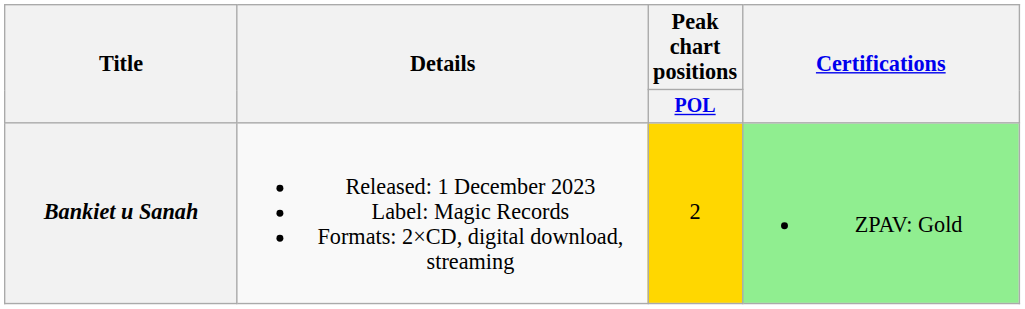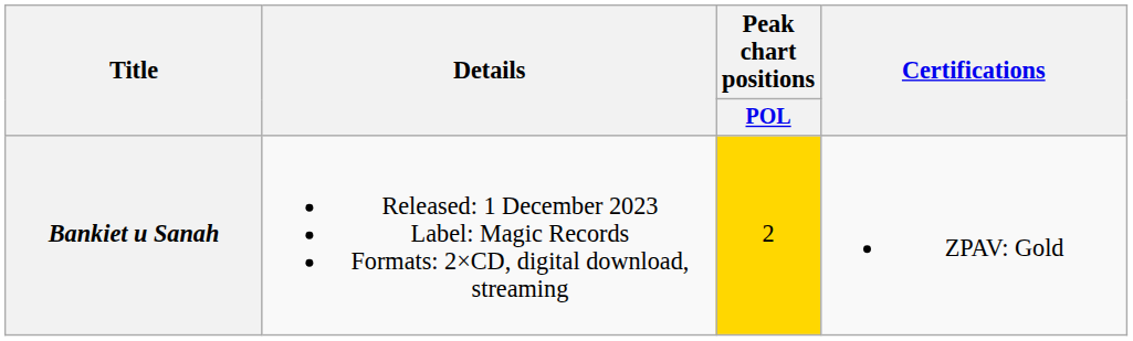 <table class="wikitable plainrowheaders" style="text-align:center;">
 <tr>
 <th scope="col" rowspan="2" style="width:10em;">Title</th>
 <th scope="col" rowspan="2" style="width:18em;">Details</th>
 <th>Peak chart positions</th>
 <th scope="col" rowspan="2" style="width:12em;"><a href='#'>Certifications</a></th>
 </tr>
 <tr>
 <th scope="col" style="width:3em;font-size:90%;"><a href='#'>POL</a><br></th>
 </tr>
 <tr>
 <th scope="row"><em>Bankiet u Sanah</em></th>
 <td><br><ul><li>Released: 1 December 2023</li><li>Label: Magic Records</li><li>Formats: 2×CD, digital download, streaming</li></ul></td>
 <td style="background: gold;">2</td>
-<td style="background: lightgreen;"><br><ul><li>ZPAV: Gold</li></ul></td>
+<td><br><ul><li>ZPAV: Gold</li></ul></td>
 </tr>
 </table>
